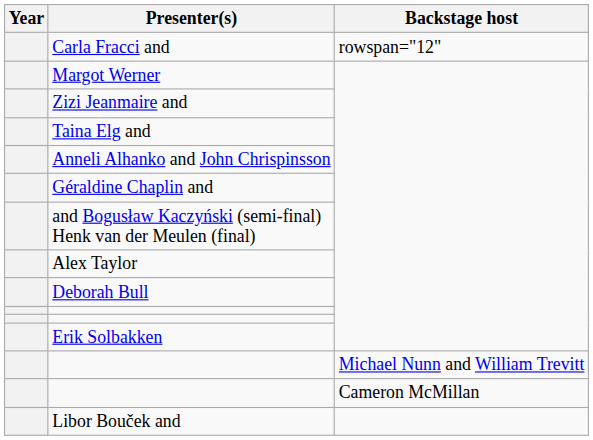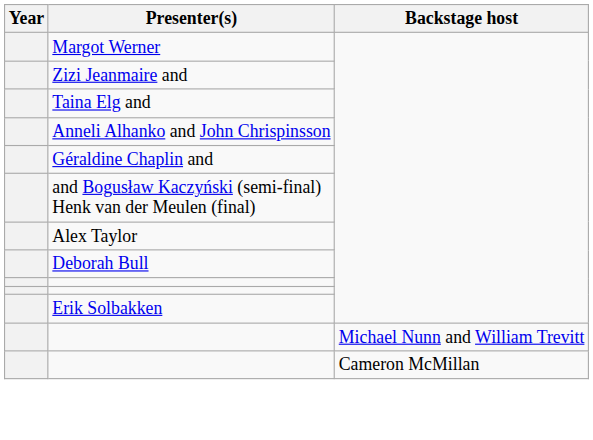 <table class="wikitable plainrowheaders">
 <tr>
 <th>Year</th>
 <th>Presenter(s)</th>
 <th>Backstage host</th>
-</tr>
-<tr>
-<th scope="row"></th>
-<td><a href='#'>Carla Fracci</a> and </td>
-<td>rowspan="12" </td>
 </tr>
 <tr>
 <th scope="row"></th>
 <td><a href='#'>Margot Werner</a></td>
 </tr>
 <tr>
 <th scope="row"></th>
 <td><a href='#'>Zizi Jeanmaire</a> and </td>
 </tr>
 <tr>
 <th scope="row"></th>
 <td><a href='#'>Taina Elg</a> and </td>
 </tr>
 <tr>
 <th scope="row"></th>
 <td><a href='#'>Anneli Alhanko</a> and <a href='#'>John Chrispinsson</a></td>
 </tr>
 <tr>
 <th scope="row"></th>
 <td><a href='#'>Géraldine Chaplin</a> and </td>
 </tr>
 <tr>
 <th scope="row"></th>
 <td> and <a href='#'>Bogusław Kaczyński</a> (semi-final)<br>Henk van der Meulen (final)</td>
 </tr>
 <tr>
 <th scope="row"></th>
 <td>Alex Taylor</td>
 </tr>
 <tr>
 <th scope="row"></th>
 <td><a href='#'>Deborah Bull</a></td>
 </tr>
 <tr>
 <th scope="row"></th>
 <td></td>
 </tr>
 <tr>
 <th scope="row"></th>
 <td></td>
 </tr>
 <tr>
 <th scope="row"></th>
 <td><a href='#'>Erik Solbakken</a></td>
 </tr>
 <tr>
 <th scope="row"></th>
 <td></td>
 <td><a href='#'>Michael Nunn</a> and <a href='#'>William Trevitt</a></td>
 </tr>
 <tr>
 <th scope="row"></th>
 <td></td>
 <td>Cameron McMillan</td>
 </tr>
-<tr>
-<th scope="row"></th>
-<td>Libor Bouček and </td>
-<td></td>
-</tr>
 </table>
